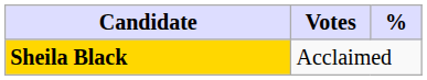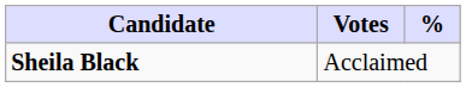 <table class="wikitable">
 <tr>
 <th style="background:#ddf; width:200px;">Candidate</th>
 <th style="background:#ddf; width:50px;">Votes</th>
 <th style="background:#ddf; width:30px;">%</th>
 </tr>
 <tr>
-<td style="background: gold;"><strong>Sheila Black</strong></td>
+<td><strong>Sheila Black</strong></td>
 <td colspan="2">Acclaimed</td>
 </tr>
 </table>
